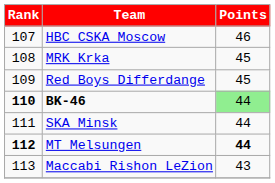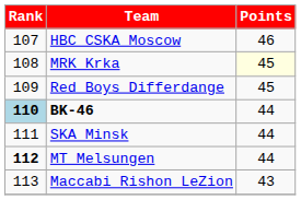 <table class="wikitable" style="text-align: center">
 <tr>
 <th style="color:#FFFFFF; background:#FF0000">Rank</th>
 <th style="color:#FFFFFF; background:#FF0000">Team</th>
 <th style="color:#FFFFFF; background:#FF0000">Points</th>
 </tr>
 <tr>
 <td>107</td>
 <td align=left> <a href='#'>HBC CSKA Moscow</a></td>
 <td>46</td>
 </tr>
 <tr>
 <td>108</td>
 <td align=left> <a href='#'>MRK Krka</a></td>
-<td>45</td>
+<td style="background: lightyellow;">45</td>
 </tr>
 <tr>
 <td>109</td>
 <td align=left> <a href='#'>Red Boys Differdange</a></td>
 <td>45</td>
 </tr>
 <tr>
-<td><strong>110</strong></td>
+<td style="background: lightblue;"><strong>110</strong></td>
 <td align=left> <strong>BK-46</strong></td>
-<td style="background: lightgreen;">44</td>
+<td>44</td>
 </tr>
 <tr>
 <td>111</td>
 <td align=left> <a href='#'>SKA Minsk</a></td>
 <td>44</td>
 </tr>
 <tr>
 <td><strong>112</strong></td>
 <td align=left> <a href='#'>MT Melsungen</a></td>
-<td><strong>44</strong></td>
+<td>44</td>
 </tr>
 <tr>
 <td>113</td>
 <td align=left> <a href='#'>Maccabi Rishon LeZion</a></td>
 <td>43</td>
 </tr>
 <tr>
 </tr>
 </table>
